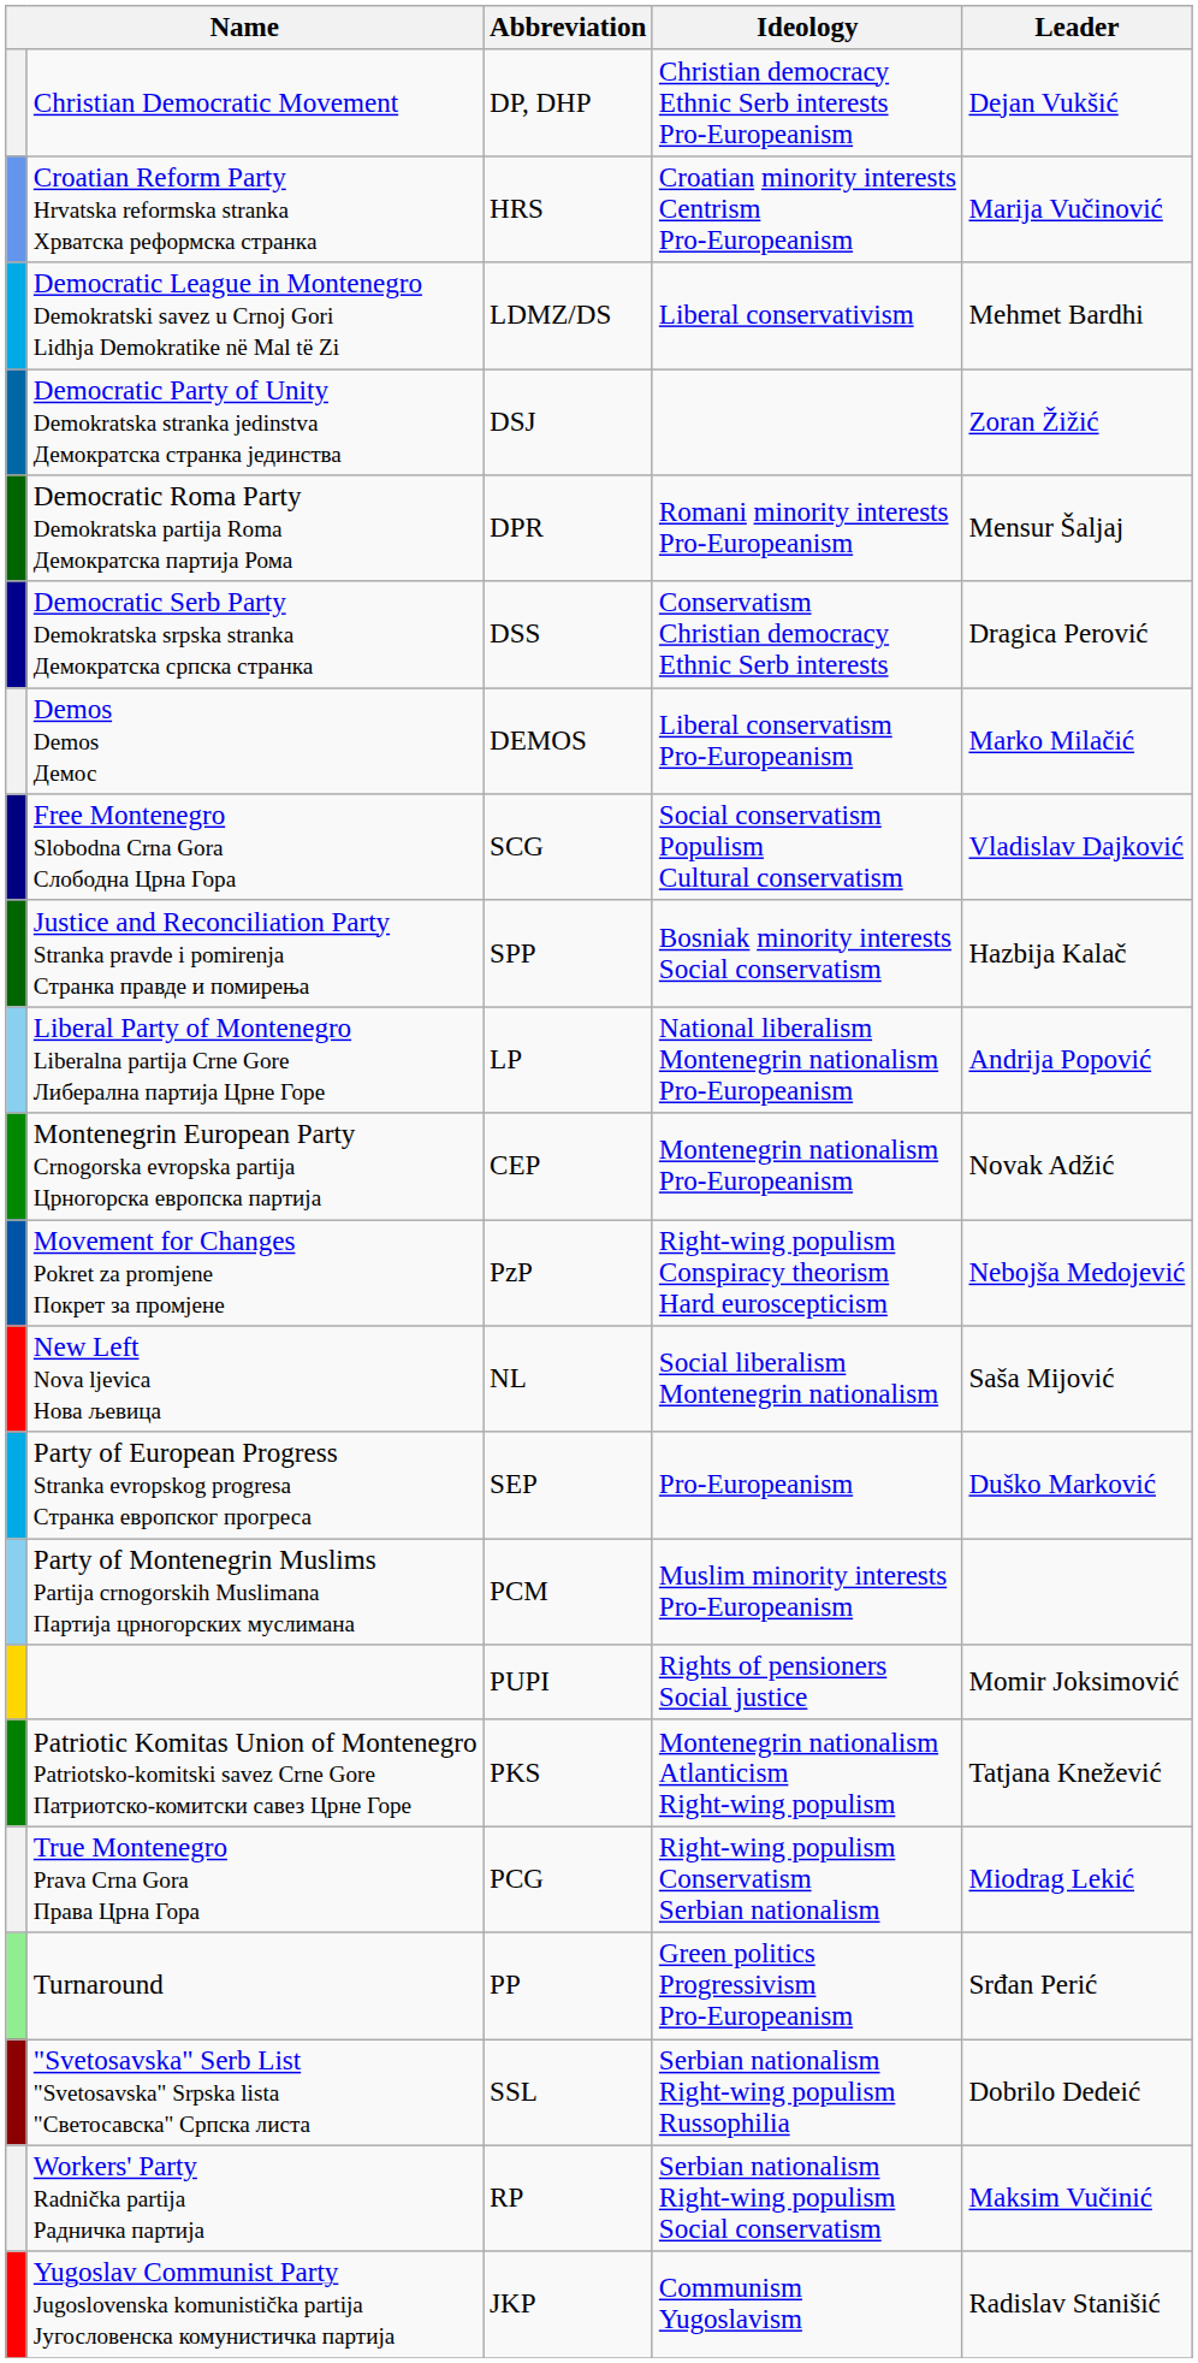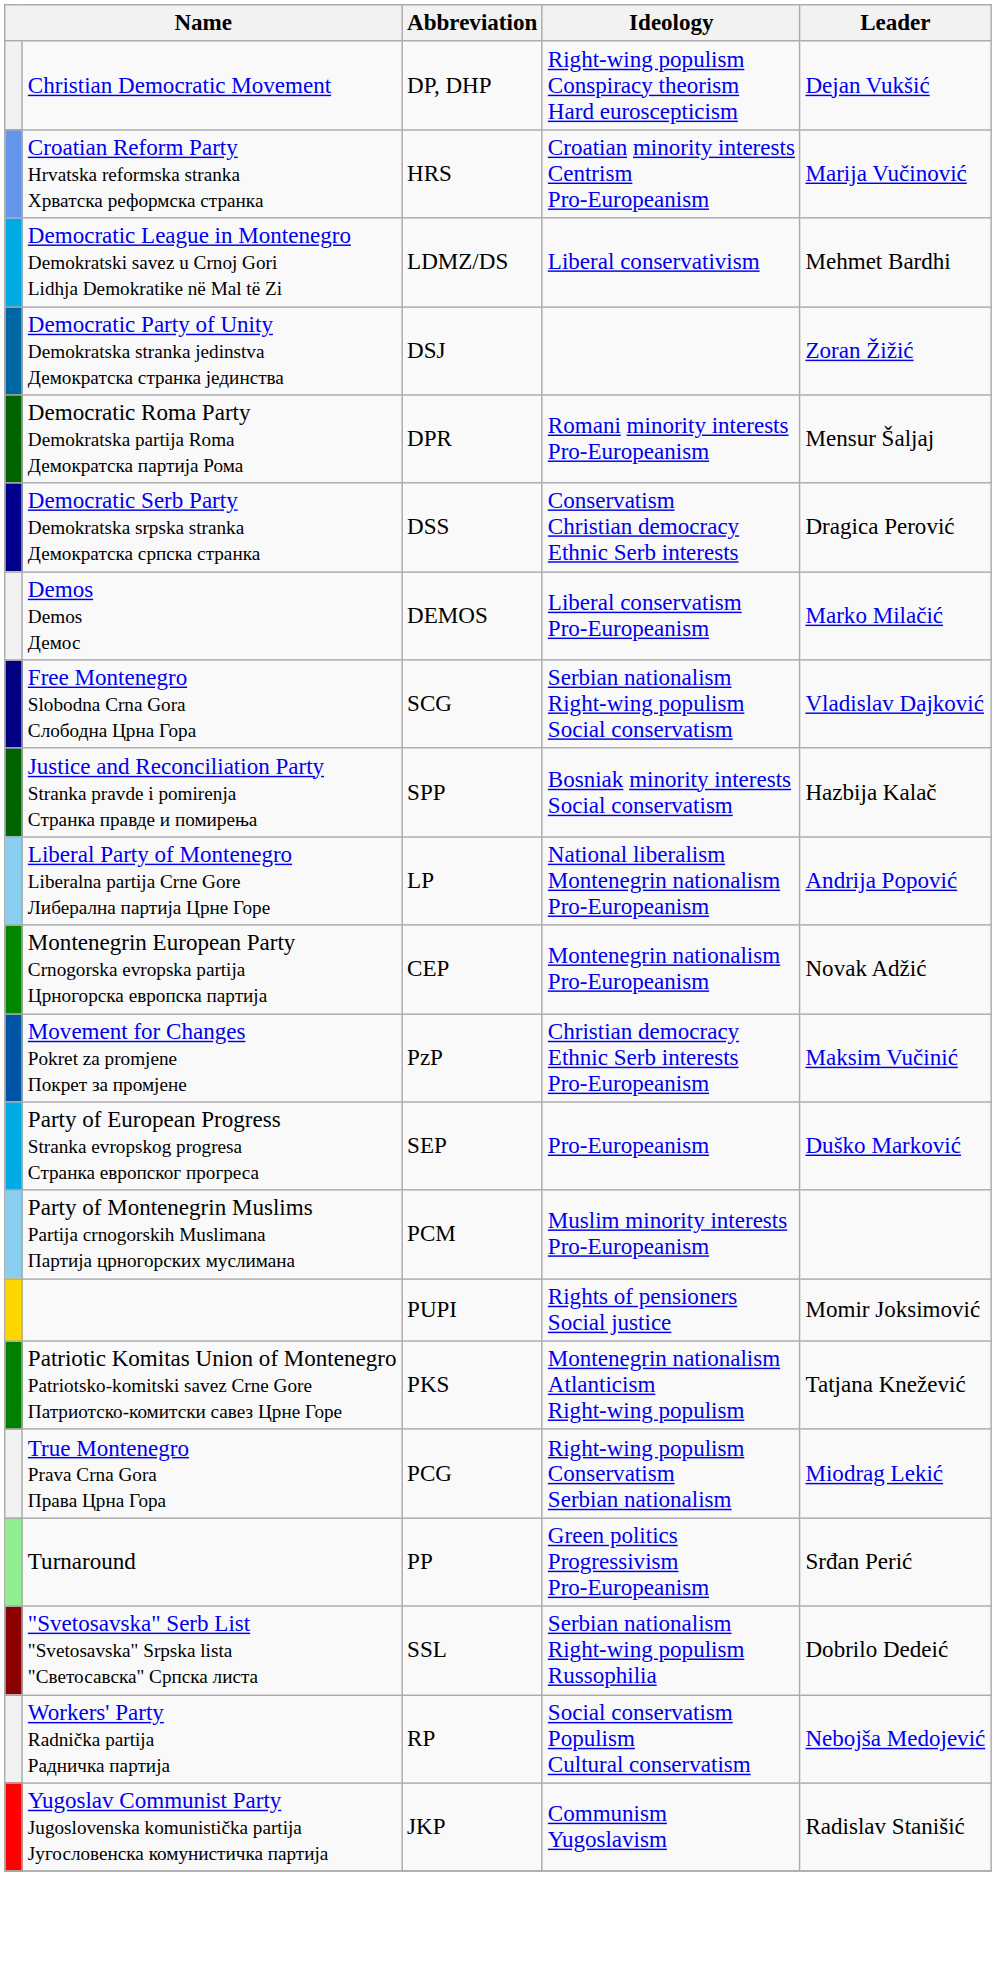 <table class="wikitable">
 <tr>
 <th colspan=2>Name</th>
 <th>Abbreviation</th>
 <th>Ideology</th>
 <th>Leader</th>
 </tr>
 <tr>
 <th style="background:"></th>
 <td><a href='#'>Christian Democratic Movement</a><br></td>
 <td>DP, DHP</td>
-<td><a href='#'>Christian democracy</a><br><a href='#'>Ethnic Serb interests</a><br><a href='#'>Pro-Europeanism</a></td>
+<td><a href='#'>Right-wing populism</a><br><a href='#'>Conspiracy theorism</a><br><a href='#'>Hard euroscepticism</a></td>
 <td><a href='#'>Dejan Vukšić</a></td>
 </tr>
 <tr>
 <th style="background:#6495ED;"></th>
 <td><a href='#'>Croatian Reform Party</a><br><small>Hrvatska reformska stranka<br>Хрватска pеформска странка</small></td>
 <td>HRS</td>
 <td><a href='#'>Croatian</a> <a href='#'>minority interests</a><br><a href='#'>Centrism</a><br><a href='#'>Pro-Europeanism</a></td>
 <td><a href='#'>Marija Vučinović</a></td>
 </tr>
 <tr>
 <th style="background:#00AAE4;"></th>
 <td><a href='#'>Democratic League in Montenegro</a><br><small>Demokratski savez u Crnoj Gori<br>Lidhja Demokratike në Mal të Zi</small></td>
 <td>LDMZ/DS</td>
 <td><a href='#'>Liberal conservativism</a><br></td>
 <td>Mehmet Bardhi</td>
 </tr>
 <tr>
 <th style="background-color:#0067A5;"></th>
 <td><a href='#'>Democratic Party of Unity</a><br><small>Demokratska stranka jedinstva<br>Демократска странка јединства</small></td>
 <td>DSJ</td>
 <td></td>
 <td><a href='#'>Zoran Žižić</a></td>
 </tr>
 <tr>
 <th style="background-color: darkgreen"></th>
 <td>Democratic Roma Party<br><small>Demokratska partija Roma<br>Демократска партија Рома</small></td>
 <td>DPR</td>
 <td><a href='#'>Romani</a> <a href='#'>minority interests</a><br><a href='#'>Pro-Europeanism</a></td>
 <td>Mensur Šaljaj</td>
 </tr>
 <tr>
 <th style="background:darkblue;"></th>
 <td><a href='#'>Democratic Serb Party</a><br><small>Demokratska srpska stranka<br>Демократска српска странка</small></td>
 <td>DSS</td>
 <td><a href='#'>Conservatism</a><br><a href='#'>Christian democracy</a><br><a href='#'>Ethnic Serb interests</a></td>
 <td>Dragica Perović</td>
 </tr>
 <tr>
 <th style="background-color: "></th>
 <td><a href='#'>Demos</a><br><small>Demos<br>Демос</small></td>
 <td>DEMOS</td>
 <td><a href='#'>Liberal conservatism</a><br><a href='#'>Pro-Europeanism</a></td>
 <td><a href='#'>Marko Milačić</a></td>
 </tr>
 <tr>
 <th style="width:5px; background:navy;"></th>
 <td><a href='#'>Free Montenegro</a><br><small>Slobodna Crna Gora<br>Слободна Црнa Горa</small></td>
 <td>SCG</td>
-<td><a href='#'>Social conservatism</a><br><a href='#'>Populism</a><br><a href='#'>Cultural conservatism</a></td>
+<td><a href='#'>Serbian nationalism</a><br><a href='#'>Right-wing populism</a><br><a href='#'>Social conservatism</a></td>
 <td><a href='#'>Vladislav Dajković</a></td>
 </tr>
 <tr>
 <th style="background-color: darkgreen"></th>
 <td><a href='#'>Justice and Reconciliation Party</a><br><small>Stranka pravde i pomirenja<br>Странка правде и помирења</small></td>
 <td>SPP</td>
 <td><a href='#'>Bosniak</a> <a href='#'>minority interests</a><br><a href='#'>Social conservatism</a></td>
 <td>Hazbija Kalač</td>
 </tr>
 <tr>
 <th style="background-color: #89CFF0;"></th>
 <td><a href='#'>Liberal Party of Montenegro</a><br><small>Liberalna partija Crne Gore<br>Либерална партија Црне Горе</small></td>
 <td>LP</td>
 <td><a href='#'>National liberalism</a><br><a href='#'>Montenegrin nationalism</a><br><a href='#'>Pro-Europeanism</a></td>
 <td><a href='#'>Andrija Popović</a></td>
 </tr>
 <tr>
 <th style="background:#008800;"></th>
 <td>Montenegrin European Party<br><small>Crnogorska evropska partija<br>Црногорска европска партија</small></td>
 <td>CEP</td>
 <td><a href='#'>Montenegrin nationalism</a><br><a href='#'>Pro-Europeanism</a></td>
 <td>Novak Adžić</td>
 </tr>
 <tr>
 <th style="background-color:#0054A5;"></th>
 <td><a href='#'>Movement for Changes</a><br><small>Pokret za promjene<br>Покрет за промјене</small></td>
 <td>PzP</td>
-<td><a href='#'>Right-wing populism</a><br><a href='#'>Conspiracy theorism</a><br><a href='#'>Hard euroscepticism</a></td>
-<td><a href='#'>Nebojša Medojević</a></td>
-</tr>
-<tr>
-<th style="background:red;"></th>
-<td><a href='#'>New Left</a><br><small>Nova ljevica<br>Нова љевица</small></td>
-<td>NL</td>
-<td><a href='#'>Social liberalism</a><br><a href='#'>Montenegrin nationalism</a></td>
-<td>Saša Mijović</td>
+<td><a href='#'>Christian democracy</a><br><a href='#'>Ethnic Serb interests</a><br><a href='#'>Pro-Europeanism</a></td>
+<td><a href='#'>Maksim Vučinić</a></td>
 </tr>
 <tr>
 <th style="background-color: #00AAE4;"></th>
 <td>Party of European Progress<br><small>Stranka evropskog progresa<br>Странка европског прогреса</small></td>
 <td>SEP</td>
 <td><a href='#'>Pro-Europeanism</a></td>
 <td><a href='#'>Duško Marković</a></td>
 </tr>
 <tr>
 <th style="background-color: #89CFF0;"></th>
 <td>Party of Montenegrin Muslims<br><small>Partija crnogorskih Muslimana<br>Партија црногорских муслимана</small></td>
 <td>PCM</td>
 <td><a href='#'>Muslim minority interests</a><br><a href='#'>Pro-Europeanism</a></td>
 <td></td>
 </tr>
 <tr>
 <th style="background-color:#FFD700;"></th>
 <td></td>
 <td>PUPI</td>
 <td><a href='#'>Rights of pensioners</a><br><a href='#'>Social justice</a></td>
 <td>Momir Joksimović</td>
 </tr>
 <tr>
 <th style="background:#008000;"></th>
 <td>Patriotic Komitas Union of Montenegro<br><small>Patriotsko-komitski savez Crne Gore<br>Патриотско-комитски савез Црне Горе</small></td>
 <td>PKS</td>
 <td><a href='#'>Montenegrin nationalism</a><br><a href='#'>Atlanticism</a><br><a href='#'>Right-wing populism</a></td>
 <td>Tatjana Knežević</td>
 </tr>
 <tr>
 <th style="background-color: "></th>
 <td><a href='#'>True Montenegro</a><br><small>Prava Crna Gora<br>Права Црна Горa</small></td>
 <td>PCG</td>
 <td><a href='#'>Right-wing populism</a><br><a href='#'>Conservatism</a><br><a href='#'>Serbian nationalism</a></td>
 <td><a href='#'>Miodrag Lekić</a></td>
 </tr>
 <tr>
 <th style="background:lightgreen;"></th>
 <td>Turnaround<br></td>
 <td>PP</td>
 <td><a href='#'>Green politics</a><br><a href='#'>Progressivism</a><br><a href='#'>Pro-Europeanism</a></td>
 <td>Srđan Perić</td>
 </tr>
 <tr>
 <th style="background:darkred;"></th>
 <td><a href='#'>"Svetosavska" Serb List</a><br><small>"Svetosavska" Srpska lista<br>"Светосавска" Српска листа</small></td>
 <td>SSL</td>
 <td><a href='#'>Serbian nationalism</a><br><a href='#'>Right-wing populism</a><br><a href='#'>Russophilia</a></td>
 <td>Dobrilo Dedeić</td>
 </tr>
 <tr>
 <th style="background-color: "></th>
 <td><a href='#'>Workers' Party</a><br><small>Radnička partija<br>Радничка партија</small></td>
 <td>RP</td>
-<td><a href='#'>Serbian nationalism</a><br><a href='#'>Right-wing populism</a><br><a href='#'>Social conservatism</a></td>
-<td><a href='#'>Maksim Vučinić</a></td>
+<td><a href='#'>Social conservatism</a><br><a href='#'>Populism</a><br><a href='#'>Cultural conservatism</a></td>
+<td><a href='#'>Nebojša Medojević</a></td>
 </tr>
 <tr>
 <th style="background:red;"></th>
 <td><a href='#'>Yugoslav Communist Party</a><br><small>Jugoslovenska komunistička partija<br>Југословенска комунистичка партија</small></td>
 <td>JKP</td>
 <td><a href='#'>Communism</a><br><a href='#'>Yugoslavism</a></td>
 <td>Radislav Stanišić</td>
 </tr>
 <tr>
 </tr>
 </table>
